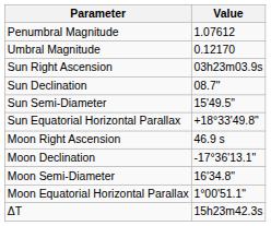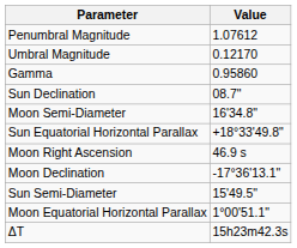 <table class="wikitable">
 <tr>
 <th>Parameter</th>
 <th>Value</th>
 </tr>
 <tr>
 <td>Penumbral Magnitude</td>
 <td>1.07612</td>
 </tr>
 <tr>
 <td>Umbral Magnitude</td>
 <td>0.12170</td>
 </tr>
 <tr>
-<td>Sun Right Ascension</td>
-<td>03h23m03.9s</td>
+<td>Gamma</td>
+<td>0.95860</td>
 </tr>
 <tr>
 <td>Sun Declination</td>
 <td>08.7"</td>
 </tr>
 <tr>
-<td>Sun Semi-Diameter</td>
-<td>15'49.5"</td>
+<td>Moon Semi-Diameter</td>
+<td>16'34.8"</td>
 </tr>
 <tr>
 <td>Sun Equatorial Horizontal Parallax</td>
 <td>+18°33'49.8"</td>
 </tr>
 <tr>
 <td>Moon Right Ascension</td>
 <td>46.9 s</td>
 </tr>
 <tr>
 <td>Moon Declination</td>
 <td>-17°36'13.1"</td>
 </tr>
 <tr>
-<td>Moon Semi-Diameter</td>
-<td>16'34.8"</td>
+<td>Sun Semi-Diameter</td>
+<td>15'49.5"</td>
 </tr>
 <tr>
 <td>Moon Equatorial Horizontal Parallax</td>
 <td>1°00'51.1"</td>
 </tr>
 <tr>
 <td>ΔT</td>
 <td>15h23m42.3s</td>
 </tr>
 </table>
